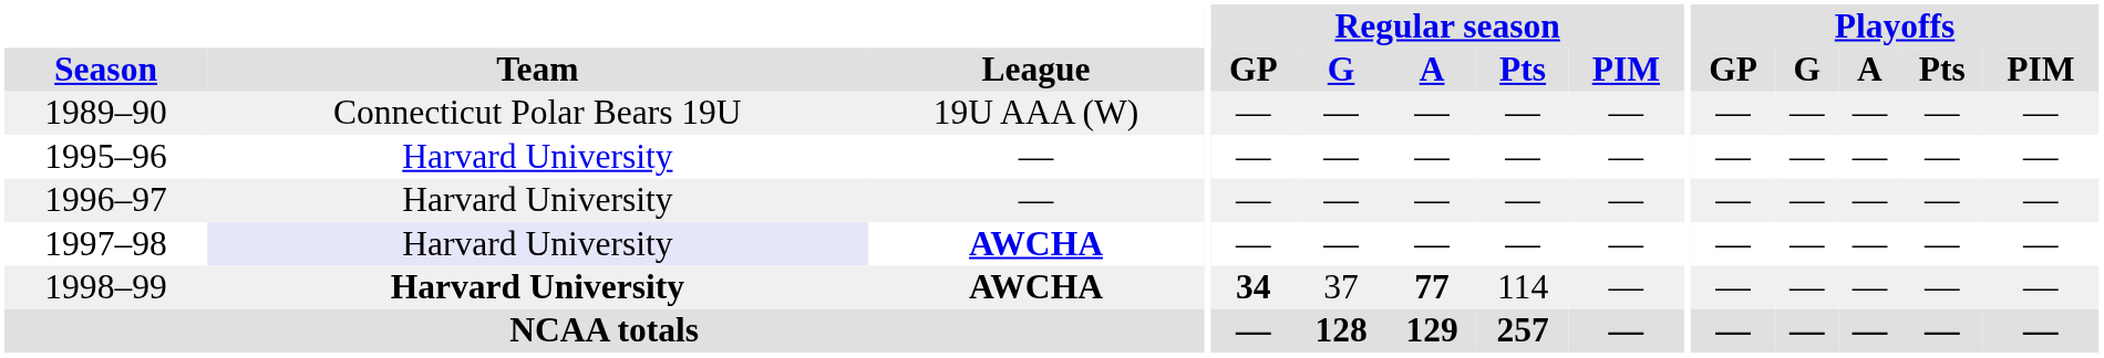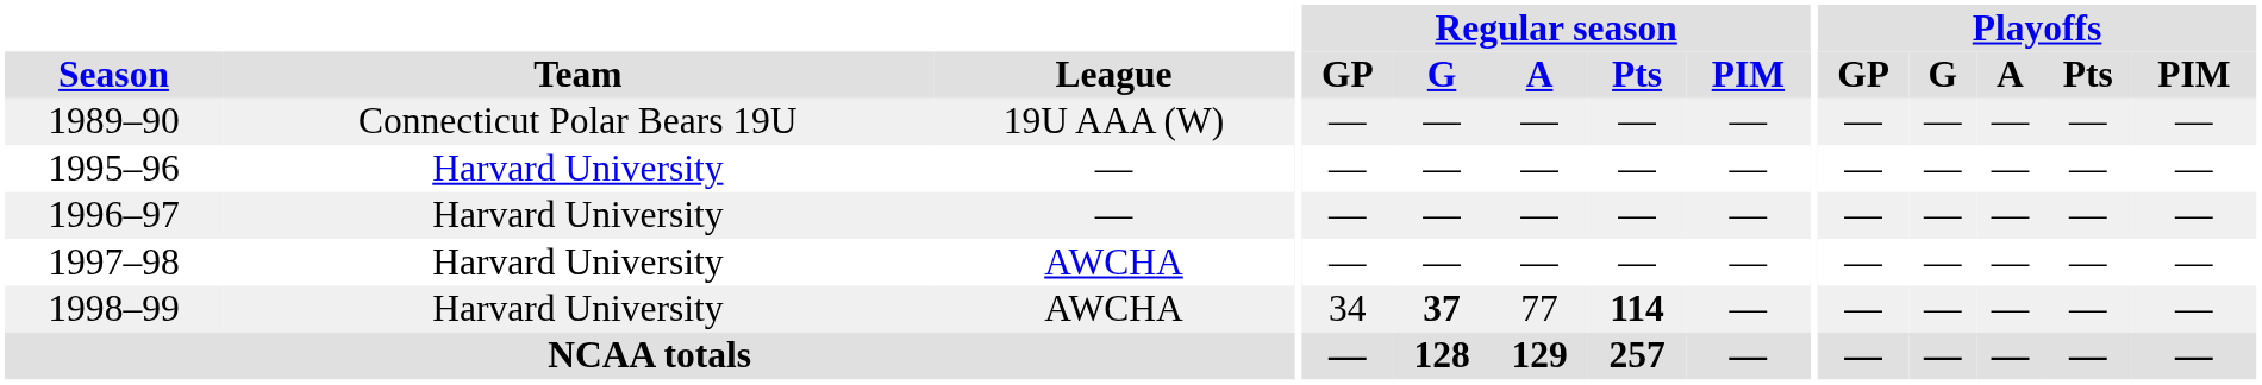 <table border="0" cellpadding="1" cellspacing="0" style="text-align:center; width:60em">
 <tr bgcolor="#e0e0e0">
 <th colspan="3" bgcolor="#ffffff"></th>
 <th rowspan="101" bgcolor="#ffffff"></th>
 <th colspan="5"><a href='#'>Regular season</a></th>
 <th rowspan="101" bgcolor="#ffffff"></th>
 <th colspan="5"><a href='#'>Playoffs</a></th>
 </tr>
 <tr bgcolor="#e0e0e0">
 <th><a href='#'>Season</a></th>
 <th>Team</th>
 <th>League</th>
 <th>GP</th>
 <th><a href='#'>G</a></th>
 <th><a href='#'>A</a></th>
 <th><a href='#'>Pts</a></th>
 <th><a href='#'>PIM</a></th>
 <th>GP</th>
 <th>G</th>
 <th>A</th>
 <th>Pts</th>
 <th>PIM</th>
 </tr>
 <tr style="background:#f0f0f0;">
 <td>1989–90</td>
 <td>Connecticut Polar Bears 19U</td>
 <td>19U AAA (W)</td>
 <td>—</td>
 <td>—</td>
 <td>—</td>
 <td>—</td>
 <td>—</td>
 <td>—</td>
 <td>—</td>
 <td>—</td>
 <td>—</td>
 <td>—</td>
 </tr>
 <tr>
 <td>1995–96</td>
 <td><a href='#'>Harvard University</a></td>
 <td>—</td>
 <td>—</td>
 <td>—</td>
 <td>—</td>
 <td>—</td>
 <td>—</td>
 <td>—</td>
 <td>—</td>
 <td>—</td>
 <td>—</td>
 <td>—</td>
 </tr>
 <tr style="background:#f0f0f0;">
 <td>1996–97</td>
 <td>Harvard University</td>
 <td>—</td>
 <td>—</td>
 <td>—</td>
 <td>—</td>
 <td>—</td>
 <td>—</td>
 <td>—</td>
 <td>—</td>
 <td>—</td>
 <td>—</td>
 <td>—</td>
 </tr>
 <tr>
 <td>1997–98</td>
-<td style="background: lavender;">Harvard University</td>
-<td><strong><a href='#'>AWCHA</a></strong></td>
+<td>Harvard University</td>
+<td><a href='#'>AWCHA</a></td>
 <td>—</td>
 <td>—</td>
 <td>—</td>
 <td>—</td>
 <td>—</td>
 <td>—</td>
 <td>—</td>
 <td>—</td>
 <td>—</td>
 <td>—</td>
 </tr>
 <tr bgcolor="#f0f0f0">
 <td>1998–99</td>
-<td><strong>Harvard University</strong></td>
-<td><strong>AWCHA</strong></td>
-<td><strong>34</strong></td>
-<td>37</td>
-<td><strong>77</strong></td>
-<td>114</td>
+<td>Harvard University</td>
+<td>AWCHA</td>
+<td>34</td>
+<td><strong>37</strong></td>
+<td>77</td>
+<td><strong>114</strong></td>
 <td>—</td>
 <td>—</td>
 <td>—</td>
 <td>—</td>
 <td>—</td>
 <td>—</td>
 </tr>
 <tr style="background:#e0e0e0;">
 <th colspan="3">NCAA totals</th>
 <th>—</th>
 <th>128</th>
 <th>129</th>
 <th>257</th>
 <th>—</th>
 <th>—</th>
 <th>—</th>
 <th>—</th>
 <th>—</th>
 <th>—</th>
 </tr>
 </table>
